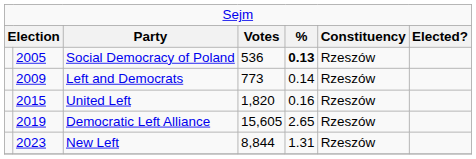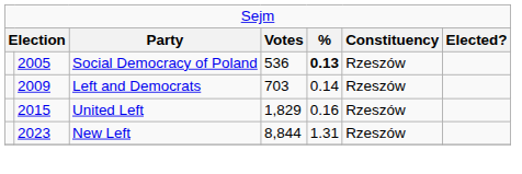 <table class = 'wikitable'>
 <tr>
 <td colspan="7" style="text-align:center;"><a href='#'>Sejm</a></td>
 </tr>
 <tr>
 <th colspan="2">Election</th>
 <th>Party</th>
 <th>Votes</th>
 <th>%</th>
 <th>Constituency</th>
 <th>Elected?</th>
 </tr>
 <tr>
 <td style="background-color: "></td>
 <td><a href='#'>2005</a></td>
 <td><a href='#'>Social Democracy of Poland</a></td>
 <td>536</td>
 <td><strong>0.13</strong></td>
 <td>Rzeszów</td>
 <td></td>
 </tr>
 <tr>
 <td style="background-color: "></td>
 <td><a href='#'>2009</a></td>
 <td><a href='#'>Left and Democrats</a></td>
-<td>773</td>
+<td>703</td>
 <td>0.14</td>
 <td>Rzeszów</td>
 <td></td>
 </tr>
 <tr>
 <td style="background-color: "></td>
 <td><a href='#'>2015</a></td>
 <td><a href='#'>United Left</a></td>
-<td>1,820</td>
+<td>1,829</td>
 <td>0.16</td>
-<td>Rzeszów</td>
-<td></td>
-</tr>
-<tr>
-<td style="background-color: "></td>
-<td><a href='#'>2019</a></td>
-<td><a href='#'>Democratic Left Alliance</a></td>
-<td>15,605</td>
-<td>2.65</td>
 <td>Rzeszów</td>
 <td></td>
 </tr>
 <tr>
 <td style="background-color: "></td>
 <td><a href='#'>2023</a></td>
 <td><a href='#'>New Left</a></td>
 <td>8,844</td>
 <td>1.31</td>
 <td>Rzeszów</td>
 <td></td>
 </tr>
 <tr>
 </tr>
 </table>
